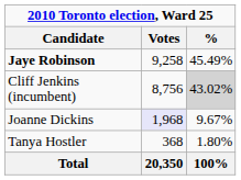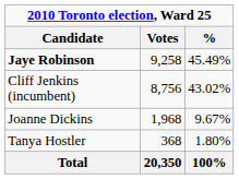 <table class="wikitable">
 <tr>
 <td Colspan="3" align="center"><strong><a href='#'>2010 Toronto election</a>, Ward 25</strong></td>
 </tr>
 <tr>
 <th bgcolor="#DDDDFF" width="150px">Candidate</th>
 <th bgcolor="#DDDDFF">Votes</th>
 <th bgcolor="#DDDDFF">%</th>
 </tr>
 <tr>
 <td><strong>Jaye Robinson</strong></td>
 <td align=right>9,258</td>
 <td align=right>45.49%</td>
 </tr>
 <tr>
 <td>Cliff Jenkins (incumbent)</td>
 <td align=right>8,756</td>
-<td align=right style="background: lightgrey;">43.02%</td>
+<td align=right>43.02%</td>
 </tr>
 <tr>
 <td>Joanne Dickins</td>
-<td align=right style="background: lavender;">1,968</td>
+<td align=right>1,968</td>
 <td align=right>9.67%</td>
 </tr>
 <tr>
 <td>Tanya Hostler</td>
 <td align=right>368</td>
 <td align=right>1.80%</td>
 </tr>
 <tr>
 <th>Total</th>
 <th align=right>20,350</th>
 <th align=right>100%</th>
 </tr>
 </table>
